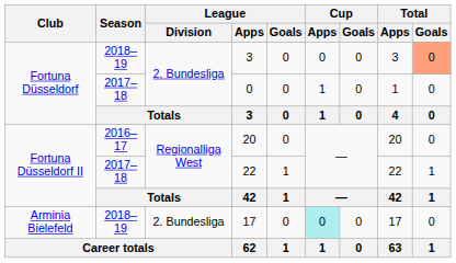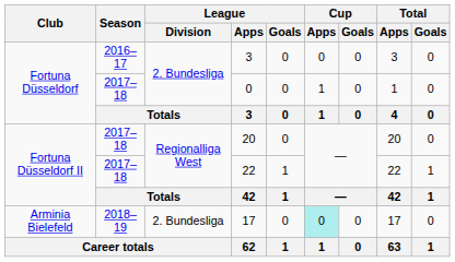 <table class="wikitable" style="text-align: center">
 <tr>
 <th rowspan="2">Club</th>
 <th rowspan="2">Season</th>
 <th colspan="3">League</th>
 <th colspan="2">Cup</th>
 <th colspan="2">Total</th>
 </tr>
 <tr>
 <th>Division</th>
 <th>Apps</th>
 <th>Goals</th>
 <th>Apps</th>
 <th>Goals</th>
 <th>Apps</th>
 <th>Goals</th>
 </tr>
 <tr>
 <td rowspan="3"><a href='#'>Fortuna Düsseldorf</a></td>
-<td><a href='#'>2018–19</a></td>
+<td><a href='#'>2016–17</a></td>
 <td rowspan="2"><a href='#'>2. Bundesliga</a></td>
 <td>3</td>
 <td>0</td>
 <td>0</td>
 <td>0</td>
 <td>3</td>
-<td style="background: lightsalmon;">0</td>
+<td>0</td>
 </tr>
 <tr>
 <td><a href='#'>2017–18</a></td>
 <td>0</td>
 <td>0</td>
 <td>1</td>
 <td>0</td>
 <td>1</td>
 <td>0</td>
 </tr>
 <tr>
 <th colspan="2">Totals</th>
 <th>3</th>
 <th>0</th>
 <th>1</th>
 <th>0</th>
 <th>4</th>
 <th>0</th>
 </tr>
 <tr>
 <td rowspan="3"><a href='#'>Fortuna Düsseldorf II</a></td>
-<td><a href='#'>2016–17</a></td>
+<td><a href='#'>2017–18</a></td>
 <td rowspan="2"><a href='#'>Regionalliga West</a></td>
 <td>20</td>
 <td>0</td>
 <td rowspan="2" colspan="2">—</td>
 <td>20</td>
 <td>0</td>
 </tr>
 <tr>
 <td><a href='#'>2017–18</a></td>
 <td>22</td>
 <td>1</td>
 <td>22</td>
 <td>1</td>
 </tr>
 <tr>
 <th colspan="2">Totals</th>
 <th>42</th>
 <th>1</th>
 <th colspan="2">—</th>
 <th>42</th>
 <th>1</th>
 </tr>
 <tr>
 <td><a href='#'>Arminia Bielefeld</a></td>
 <td><a href='#'>2018–19</a></td>
 <td>2. Bundesliga</td>
 <td>17</td>
 <td>0</td>
 <td style="background: paleturquoise;">0</td>
 <td>0</td>
 <td>17</td>
 <td>0</td>
 </tr>
 <tr>
 <th colspan="3">Career totals</th>
 <th>62</th>
 <th>1</th>
 <th>1</th>
 <th>0</th>
 <th>63</th>
 <th>1</th>
 </tr>
 </table>
